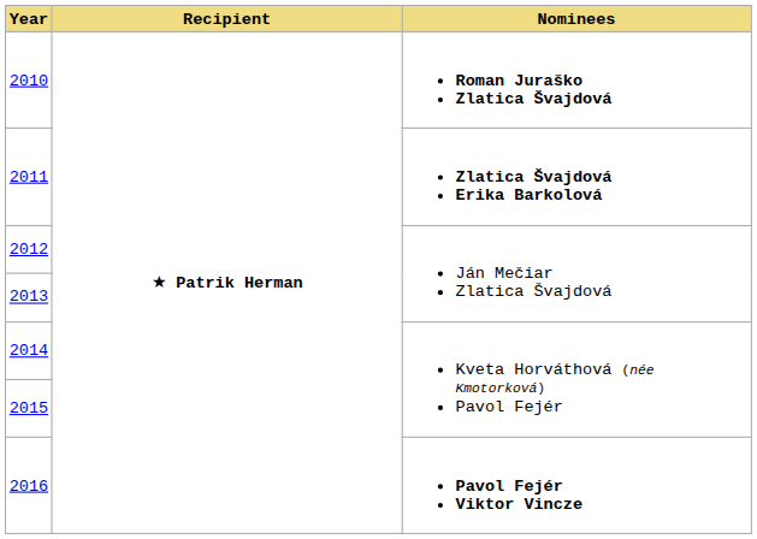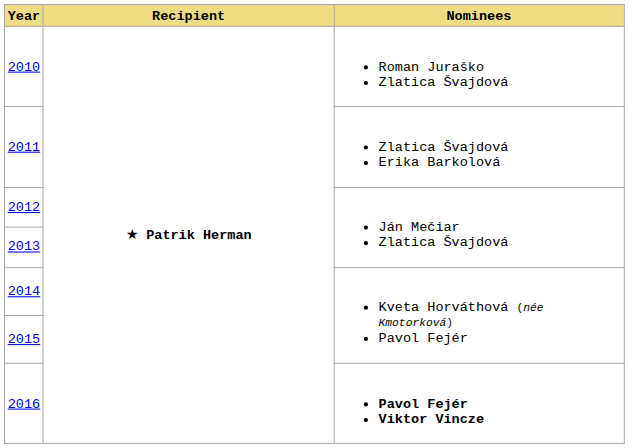 <table class=wikitable sortable style="background:white">
 <tr>
 <th style=background:#F0DC82>Year</th>
 <th style=background:#F0DC82 width=273>Recipient</th>
 <th style=background:#F0DC82 width=273>Nominees</th>
 </tr>
 <tr>
 <td><a href='#'>2010</a></td>
 <td align=center rowspan=7>★ <strong>Patrik Herman</strong> <br></td>
-<td><strong><br><ul><li>Roman Juraško</li><li>Zlatica Švajdová</li></ul></strong></td>
+<td><br><ul><li>Roman Juraško</li><li>Zlatica Švajdová</li></ul></td>
 </tr>
 <tr>
 <td><a href='#'>2011</a></td>
-<td><strong><br><ul><li>Zlatica Švajdová</li><li>Erika Barkolová</li></ul></strong></td>
+<td><br><ul><li>Zlatica Švajdová</li><li>Erika Barkolová</li></ul></td>
 </tr>
 <tr>
 <td><a href='#'>2012</a></td>
 <td rowspan=2><br><ul><li>Ján Mečiar</li><li>Zlatica Švajdová</li></ul></td>
 </tr>
 <tr>
 <td><a href='#'>2013</a></td>
 </tr>
 <tr>
 <td><a href='#'>2014</a></td>
 <td rowspan=2><br><ul><li>Kveta Horváthová <small>(<em>née Kmotorková</em>)</small></li><li>Pavol Fejér</li></ul></td>
 </tr>
 <tr>
 <td><a href='#'>2015</a></td>
 </tr>
 <tr>
 <td><a href='#'>2016</a></td>
 <td><strong><br><ul><li>Pavol Fejér</li><li>Viktor Vincze</li></ul></strong></td>
 </tr>
 </table>
